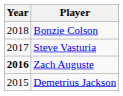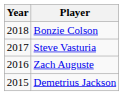 <table class="wikitable outercollapse">
 <tr>
 <th>Year</th>
 <th>Player</th>
 </tr>
 <tr>
 <td>2018</td>
 <td><a href='#'>Bonzie Colson</a></td>
 </tr>
 <tr>
 <td>2017</td>
 <td><a href='#'>Steve Vasturia</a></td>
 </tr>
 <tr>
-<td><strong>2016</strong></td>
+<td>2016</td>
 <td><a href='#'>Zach Auguste</a></td>
 </tr>
 <tr>
 <td>2015</td>
 <td><a href='#'>Demetrius Jackson</a></td>
 </tr>
 </table>
